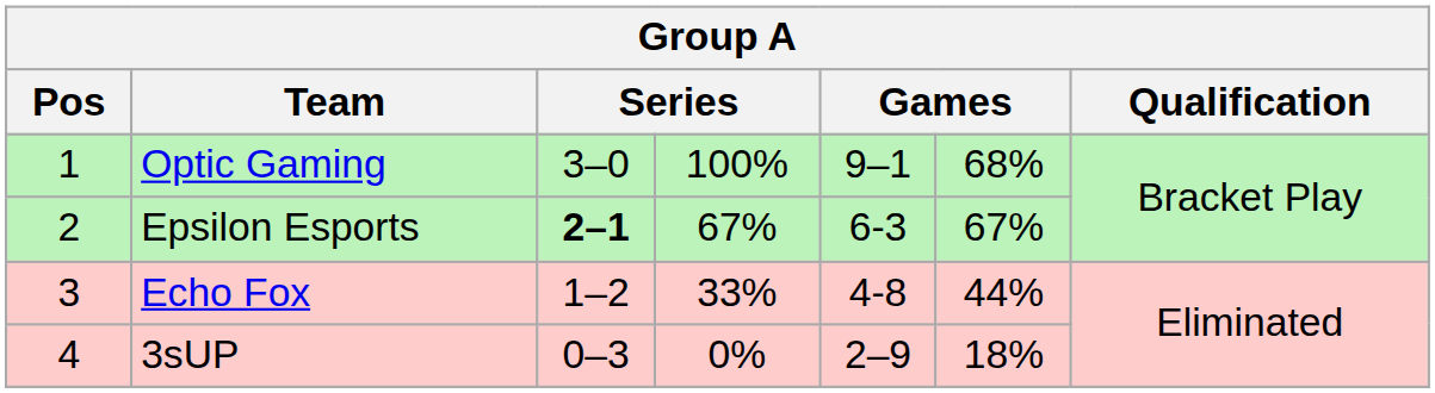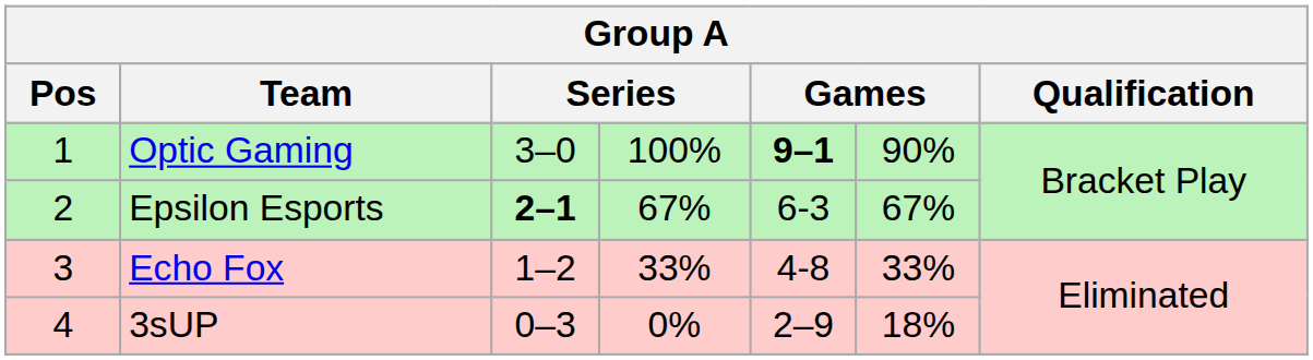 <table class="wikitable" style="display: inline-table;width: 45%;">
 <tr>
 <th colspan="7">Group A</th>
 </tr>
 <tr>
 <th>Pos</th>
 <th>Team</th>
 <th colspan="2">Series</th>
 <th colspan="2">Games</th>
 <th>Qualification</th>
 </tr>
 <tr>
 <td style="text-align:center; background:#BBF3BB;">1</td>
 <td style="text-align:left; background:#BBF3BB;"><a href='#'>Optic Gaming</a></td>
 <td style="text-align:center; background:#BBF3BB;">3–0</td>
 <td style="text-align:center; background:#BBF3BB;">100%</td>
-<td style="text-align:center; background:#BBF3BB;">9–1</td>
-<td style="text-align:center; background:#BBF3BB;">68%</td>
+<td style="text-align:center; background:#BBF3BB;"><strong>9–1</strong></td>
+<td style="text-align:center; background:#BBF3BB;">90%</td>
 <td style="text-align:center; background:#BBF3BB;" rowspan="2">Bracket Play</td>
 </tr>
 <tr>
 <td style="text-align:center; background:#BBF3BB;">2</td>
 <td style="text-align:left; background:#BBF3BB;">Epsilon Esports</td>
 <td style="text-align:center; background:#BBF3BB;"><strong>2–1</strong></td>
 <td style="text-align:center; background:#BBF3BB;">67%</td>
 <td style="text-align:center; background:#BBF3BB;">6-3</td>
 <td style="text-align:center; background:#BBF3BB;">67%</td>
 </tr>
 <tr>
 <td style="text-align:center; background:#FFCCCC;">3</td>
 <td style="text-align:left; background:#FFCCCC;"><a href='#'>Echo Fox</a></td>
 <td style="text-align:center; background:#FFCCCC;">1–2</td>
 <td style="text-align:center; background:#FFCCCC;">33%</td>
 <td style="text-align:center; background:#FFCCCC;">4-8</td>
-<td style="text-align:center; background:#FFCCCC;">44%</td>
+<td style="text-align:center; background:#FFCCCC;">33%</td>
 <td style="text-align:center; background:#FFCCCC;" rowspan="2">Eliminated</td>
 </tr>
 <tr>
 <td style="text-align:center; background:#FFCCCC;">4</td>
 <td style="text-align:left; background:#FFCCCC;">3sUP</td>
 <td style="text-align:center; background:#FFCCCC;">0–3</td>
 <td style="text-align:center; background:#FFCCCC;">0%</td>
 <td style="text-align:center; background:#FFCCCC;">2–9</td>
 <td style="text-align:center; background:#FFCCCC;">18%</td>
 </tr>
 </table>
